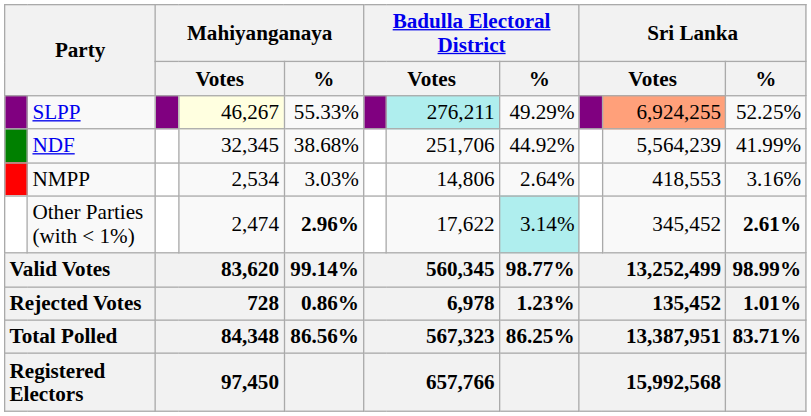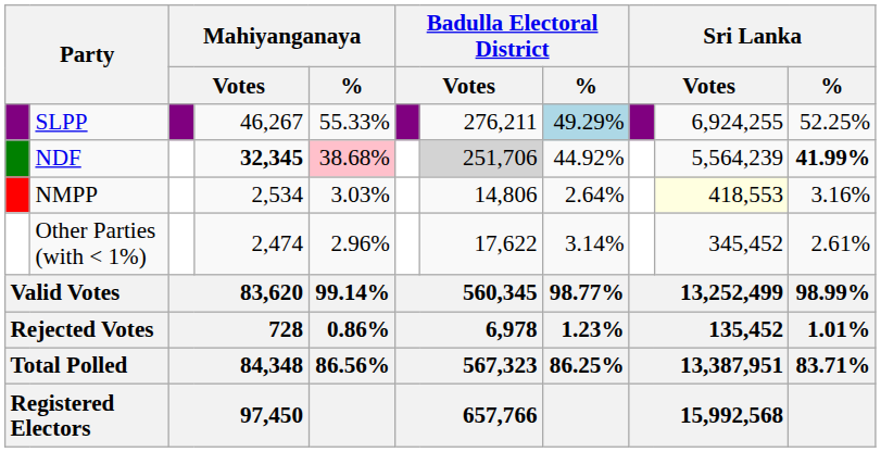 <table class="wikitable">
 <tr>
 <th colspan="2" width="144px"rowspan="2">Party</th>
 <th colspan="3" width="216px">Mahiyanganaya</th>
 <th colspan="3" width="216px"><a href='#'>Badulla Electoral District</a></th>
 <th colspan="3" width="216px">Sri Lanka</th>
 </tr>
 <tr>
 <th colspan="2" width="144px">Votes</th>
 <th>%</th>
 <th colspan="2" width="144px">Votes</th>
 <th>%</th>
 <th colspan="2" width="144px">Votes</th>
 <th>%</th>
 </tr>
 <tr>
 <td style="background-color:purple;" width="10px"></td>
 <td style="text-align:left;"><a href='#'>SLPP</a></td>
 <td style="background-color:purple;" width="10px"></td>
-<td style="background: lightyellow; text-align:right;">46,267</td>
+<td style="text-align:right;">46,267</td>
 <td style="text-align:right;">55.33%</td>
 <td style="background-color:purple;" width="10px"></td>
-<td style="background: paleturquoise; text-align:right;">276,211</td>
-<td style="text-align:right;">49.29%</td>
+<td style="text-align:right;">276,211</td>
+<td style="background: lightblue; text-align:right;">49.29%</td>
 <td style="background-color:purple;" width="10px"></td>
-<td style="background: lightsalmon; text-align:right;">6,924,255</td>
+<td style="text-align:right;">6,924,255</td>
 <td style="text-align:right;">52.25%</td>
 </tr>
 <tr>
 <td style="background-color:green;" width="10px"></td>
 <td style="text-align:left;"><a href='#'>NDF</a></td>
 <td style="background-color:white;" width="10px"></td>
-<td style="text-align:right;">32,345</td>
-<td style="text-align:right;">38.68%</td>
+<td style="text-align:right;"><strong>32,345</strong></td>
+<td style="background: pink; text-align:right;">38.68%</td>
 <td style="background-color:white;" width="10px"></td>
-<td style="text-align:right;">251,706</td>
+<td style="background: lightgrey; text-align:right;">251,706</td>
 <td style="text-align:right;">44.92%</td>
 <td style="background-color:white;" width="10px"></td>
 <td style="text-align:right;">5,564,239</td>
-<td style="text-align:right;">41.99%</td>
+<td style="text-align:right;"><strong>41.99%</strong></td>
 </tr>
 <tr>
 <td style="background-color:red;" width="10px"></td>
 <td style="text-align:left;">NMPP</td>
 <td style="background-color:white;" width="10px"></td>
 <td style="text-align:right;">2,534</td>
 <td style="text-align:right;">3.03%</td>
 <td style="background-color:white;" width="10px"></td>
 <td style="text-align:right;">14,806</td>
 <td style="text-align:right;">2.64%</td>
 <td style="background-color:white;" width="10px"></td>
-<td style="text-align:right;">418,553</td>
+<td style="background: lightyellow; text-align:right;">418,553</td>
 <td style="text-align:right;">3.16%</td>
 </tr>
 <tr>
 <td style="background-color:white;" width="10px"></td>
 <td style="text-align:left;">Other Parties (with < 1%)</td>
 <td style="background-color:white;" width="10px"></td>
 <td style="text-align:right;">2,474</td>
-<td style="text-align:right;"><strong>2.96%</strong></td>
+<td style="text-align:right;">2.96%</td>
 <td style="background-color:white;" width="10px"></td>
 <td style="text-align:right;">17,622</td>
-<td style="background: paleturquoise; text-align:right;">3.14%</td>
+<td style="text-align:right;">3.14%</td>
 <td style="background-color:white;" width="10px"></td>
 <td style="text-align:right;">345,452</td>
-<td style="text-align:right;"><strong>2.61%</strong></td>
+<td style="text-align:right;">2.61%</td>
 </tr>
 <tr>
 <th colspan="2" width="144px"style="text-align:left;">Valid Votes</th>
 <th style="text-align:right;"colspan="2" width="144px">83,620</th>
 <th style="text-align:right;">99.14%</th>
 <th style="text-align:right;"colspan="2" width="144px">560,345</th>
 <th style="text-align:right;">98.77%</th>
 <th style="text-align:right;"colspan="2" width="144px">13,252,499</th>
 <th style="text-align:right;">98.99%</th>
 </tr>
 <tr>
 <th colspan="2" width="144px"style="text-align:left;">Rejected Votes</th>
 <th style="text-align:right;"colspan="2" width="144px">728</th>
 <th style="text-align:right;">0.86%</th>
 <th style="text-align:right;"colspan="2" width="144px">6,978</th>
 <th style="text-align:right;">1.23%</th>
 <th style="text-align:right;"colspan="2" width="144px">135,452</th>
 <th style="text-align:right;">1.01%</th>
 </tr>
 <tr>
 <th colspan="2" width="144px"style="text-align:left;">Total Polled</th>
 <th style="text-align:right;"colspan="2" width="144px">84,348</th>
 <th style="text-align:right;">86.56%</th>
 <th style="text-align:right;"colspan="2" width="144px">567,323</th>
 <th style="text-align:right;">86.25%</th>
 <th style="text-align:right;"colspan="2" width="144px">13,387,951</th>
 <th style="text-align:right;">83.71%</th>
 </tr>
 <tr>
 <th colspan="2" width="144px"style="text-align:left;">Registered Electors</th>
 <th style="text-align:right;"colspan="2" width="144px">97,450</th>
 <th></th>
 <th style="text-align:right;"colspan="2" width="144px">657,766</th>
 <th></th>
 <th style="text-align:right;"colspan="2" width="144px">15,992,568</th>
 <th></th>
 </tr>
 </table>
